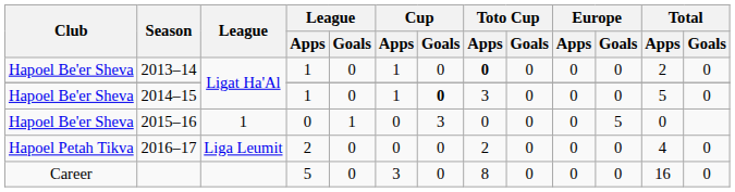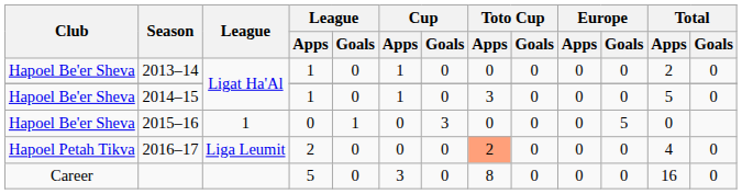 <table class="wikitable" style="font-size:90%; text-align: center;">
 <tr>
 <th rowspan="2">Club</th>
 <th rowspan="2">Season</th>
 <th rowspan="2">League</th>
 <th colspan="2">League</th>
 <th colspan="2">Cup</th>
 <th colspan="2">Toto Cup</th>
 <th colspan="2">Europe</th>
 <th colspan="2">Total</th>
 </tr>
 <tr>
 <th>Apps</th>
 <th>Goals</th>
 <th>Apps</th>
 <th>Goals</th>
 <th>Apps</th>
 <th>Goals</th>
 <th>Apps</th>
 <th>Goals</th>
 <th>Apps</th>
 <th>Goals</th>
 </tr>
 <tr |-||-||-|>
 <td rowspan="1" valign="top"><a href='#'>Hapoel Be'er Sheva</a></td>
 <td>2013–14</td>
 <td rowspan="3"><a href='#'>Ligat Ha'Al</a></td>
 <td>1</td>
 <td>0</td>
 <td>1</td>
 <td>0</td>
-<td><strong>0</strong></td>
+<td>0</td>
 <td>0</td>
 <td>0</td>
 <td>0</td>
 <td>2</td>
 <td>0</td>
 </tr>
 <tr>
 </tr>
 <tr>
 <td rowspan="1" valign="top"><a href='#'>Hapoel Be'er Sheva</a></td>
 <td>2014–15</td>
 <td>1</td>
 <td>0</td>
 <td>1</td>
-<td><strong>0</strong></td>
+<td>0</td>
 <td>3</td>
 <td>0</td>
 <td>0</td>
 <td>0</td>
 <td>5</td>
 <td>0</td>
 </tr>
 <tr>
 <td rowspan="1" valign="top"><a href='#'>Hapoel Be'er Sheva</a></td>
 <td>2015–16</td>
 <td>1</td>
 <td>0</td>
 <td>1</td>
 <td>0</td>
 <td>3</td>
 <td>0</td>
 <td>0</td>
 <td>0</td>
 <td>5</td>
 <td>0</td>
 </tr>
 <tr>
 <td rowspan="1" valign="top"><a href='#'>Hapoel Petah Tikva</a></td>
 <td>2016–17</td>
 <td rowspan="1"><a href='#'>Liga Leumit</a></td>
 <td>2</td>
 <td>0</td>
 <td>0</td>
 <td>0</td>
-<td>2</td>
+<td style="background: lightsalmon;">2</td>
 <td>0</td>
 <td>0</td>
 <td>0</td>
 <td>4</td>
 <td>0</td>
 </tr>
 <tr>
 <td rowspan="1" valign="top">Career</td>
 <td rowspan="1"></td>
 <td></td>
 <td>5</td>
 <td>0</td>
 <td>3</td>
 <td>0</td>
 <td>8</td>
 <td>0</td>
 <td>0</td>
 <td>0</td>
 <td>16</td>
 <td>0</td>
 </tr>
 </table>
